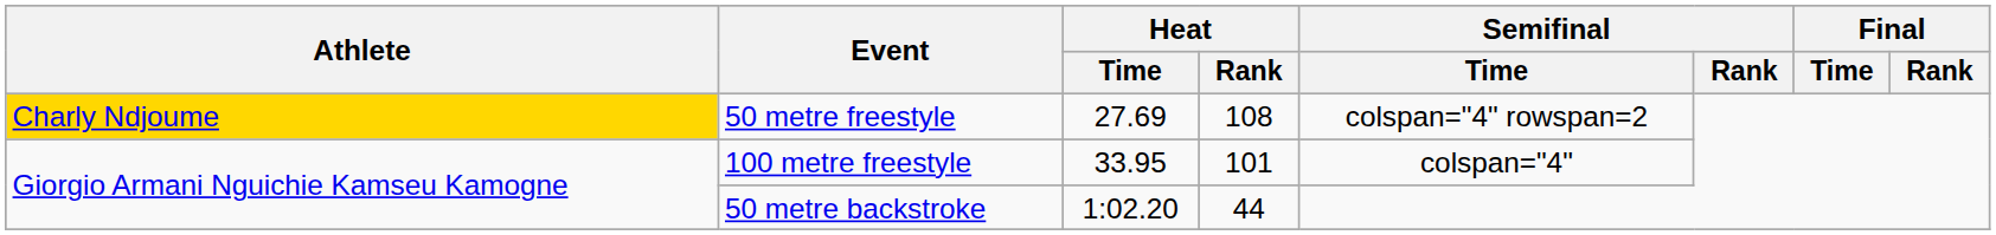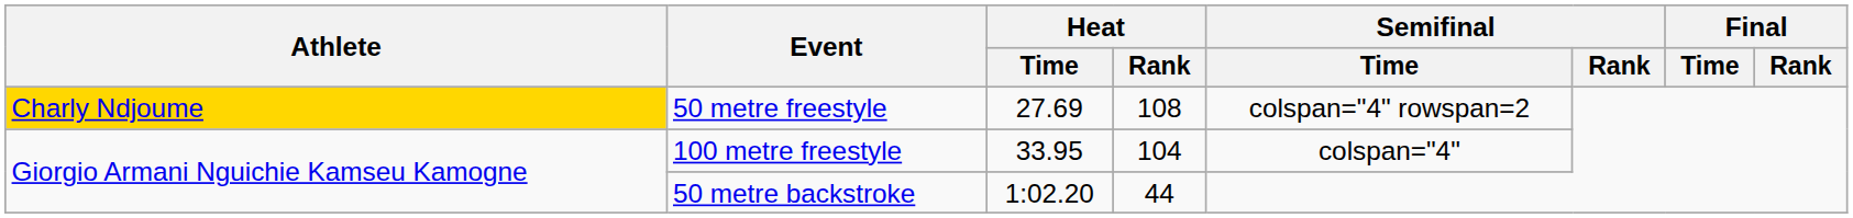 <table class="wikitable" style="text-align:center; font-size:90%; width:50%;">
 <tr>
 <th rowspan="2">Athlete</th>
 <th rowspan="2">Event</th>
 <th colspan="2">Heat</th>
 <th colspan="2">Semifinal</th>
 <th colspan="2">Final</th>
 </tr>
 <tr style="font-size:95%">
 <th>Time</th>
 <th>Rank</th>
 <th>Time</th>
 <th>Rank</th>
 <th>Time</th>
 <th>Rank</th>
 </tr>
 <tr align=center>
 <td align=left style="background: gold;"><a href='#'>Charly Ndjoume</a></td>
 <td align=left><a href='#'>50 metre freestyle</a></td>
 <td>27.69</td>
 <td>108</td>
 <td>colspan="4" rowspan=2 </td>
 </tr>
 <tr align=center>
 <td align=left rowspan=2><a href='#'>Giorgio Armani Nguichie Kamseu Kamogne</a></td>
 <td align=left><a href='#'>100 metre freestyle</a></td>
 <td>33.95</td>
-<td>101</td>
+<td>104</td>
 <td>colspan="4" </td>
 </tr>
 <tr align=center>
 <td align=left><a href='#'>50 metre backstroke</a></td>
 <td>1:02.20</td>
 <td>44</td>
 </tr>
 </table>
